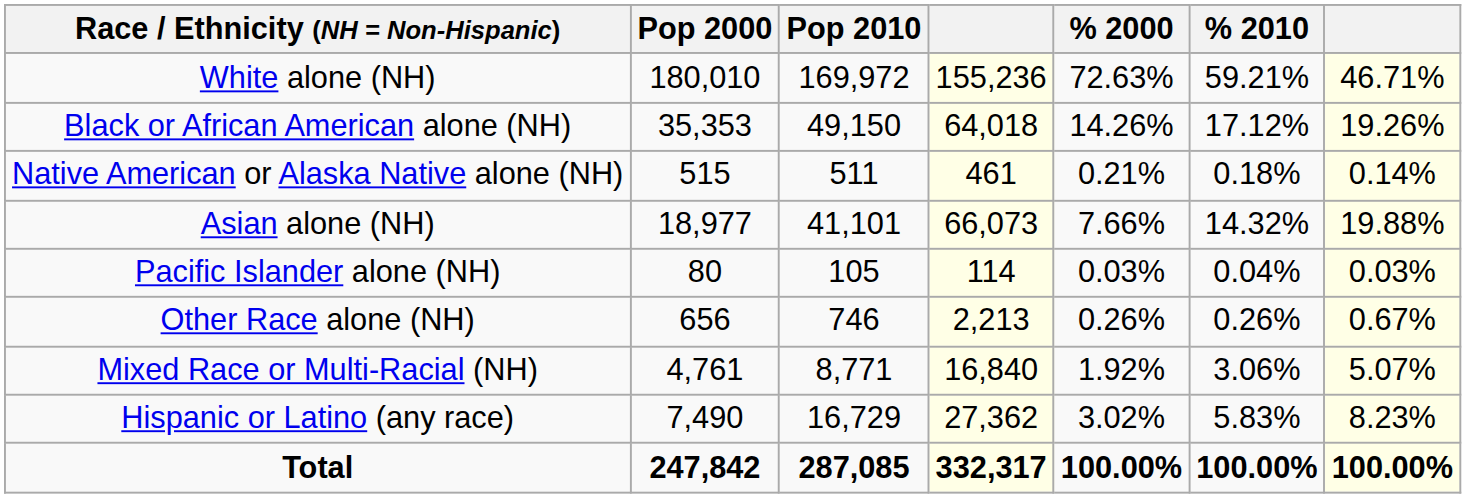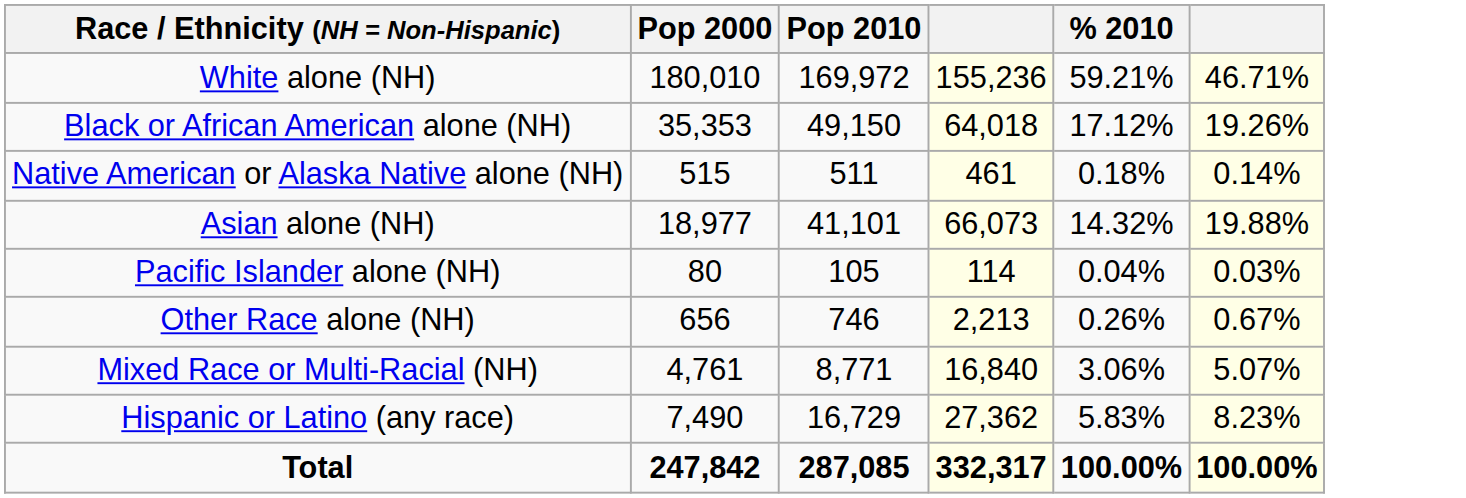 <table class="wikitable" style="text-align:center;">
 <tr>
 <th>Race / Ethnicity <small>(<em>NH = Non-Hispanic</em>)</small></th>
 <th>Pop 2000</th>
 <th>Pop 2010</th>
 <th></th>
-<th>% 2000</th>
 <th>% 2010</th>
 <th></th>
 </tr>
 <tr>
 <td><a href='#'>White</a> alone (NH)</td>
 <td>180,010</td>
 <td>169,972</td>
 <td style='background: #ffffe6;'>155,236</td>
-<td>72.63%</td>
 <td>59.21%</td>
 <td style='background: #ffffe6;'>46.71%</td>
 </tr>
 <tr>
 <td><a href='#'>Black or African American</a> alone (NH)</td>
 <td>35,353</td>
 <td>49,150</td>
 <td style='background: #ffffe6;'>64,018</td>
-<td>14.26%</td>
 <td>17.12%</td>
 <td style='background: #ffffe6;'>19.26%</td>
 </tr>
 <tr>
 <td><a href='#'>Native American</a> or <a href='#'>Alaska Native</a> alone (NH)</td>
 <td>515</td>
 <td>511</td>
 <td style='background: #ffffe6;'>461</td>
-<td>0.21%</td>
 <td>0.18%</td>
 <td style='background: #ffffe6;'>0.14%</td>
 </tr>
 <tr>
 <td><a href='#'>Asian</a> alone (NH)</td>
 <td>18,977</td>
 <td>41,101</td>
 <td style='background: #ffffe6;'>66,073</td>
-<td>7.66%</td>
 <td>14.32%</td>
 <td style='background: #ffffe6;'>19.88%</td>
 </tr>
 <tr>
 <td><a href='#'>Pacific Islander</a> alone (NH)</td>
 <td>80</td>
 <td>105</td>
 <td style='background: #ffffe6;'>114</td>
-<td>0.03%</td>
 <td>0.04%</td>
 <td style='background: #ffffe6;'>0.03%</td>
 </tr>
 <tr>
 <td><a href='#'>Other Race</a> alone (NH)</td>
 <td>656</td>
 <td>746</td>
 <td style='background: #ffffe6;'>2,213</td>
 <td>0.26%</td>
-<td>0.26%</td>
 <td style='background: #ffffe6;'>0.67%</td>
 </tr>
 <tr>
 <td><a href='#'>Mixed Race or Multi-Racial</a> (NH)</td>
 <td>4,761</td>
 <td>8,771</td>
 <td style='background: #ffffe6;'>16,840</td>
-<td>1.92%</td>
 <td>3.06%</td>
 <td style='background: #ffffe6;'>5.07%</td>
 </tr>
 <tr>
 <td><a href='#'>Hispanic or Latino</a> (any race)</td>
 <td>7,490</td>
 <td>16,729</td>
 <td style='background: #ffffe6;'>27,362</td>
-<td>3.02%</td>
 <td>5.83%</td>
 <td style='background: #ffffe6;'>8.23%</td>
 </tr>
 <tr>
 <td><strong>Total</strong></td>
 <td><strong>247,842</strong></td>
 <td><strong>287,085</strong></td>
 <td style='background: #ffffe6;'><strong>332,317</strong></td>
 <td><strong>100.00%</strong></td>
-<td><strong>100.00%</strong></td>
 <td style='background: #ffffe6;'><strong>100.00%</strong></td>
 </tr>
 </table>
